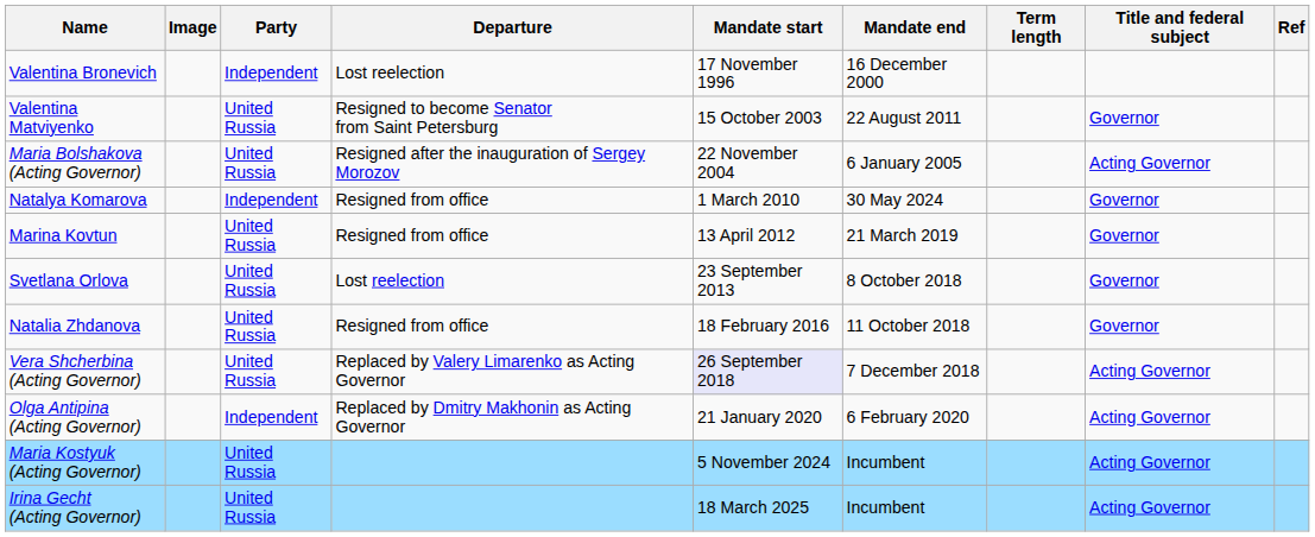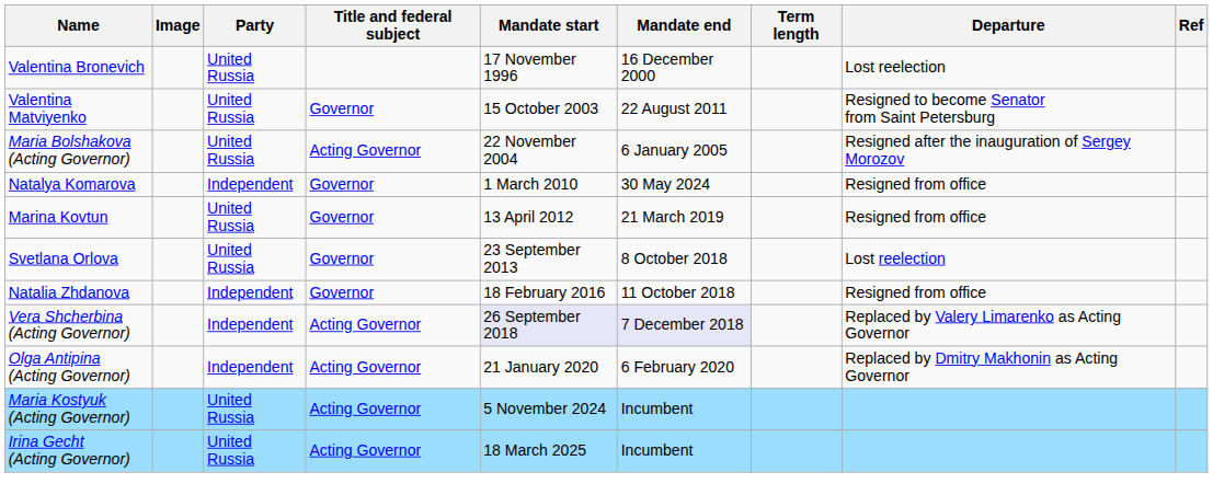 <table class="wikitable sortable">
 <tr>
 <th>Name</th>
 <th>Image</th>
 <th>Party</th>
-<th>Departure</th>
+<th>Title and federal subject</th>
 <th>Mandate start</th>
 <th>Mandate end</th>
 <th>Term length</th>
-<th>Title and federal subject</th>
+<th>Departure</th>
 <th>Ref</th>
 </tr>
 <tr>
 <td><a href='#'>Valentina Bronevich</a></td>
 <td></td>
-<td><a href='#'>Independent</a></td>
-<td>Lost reelection</td>
+<td><a href='#'>United Russia</a></td>
+<td><br></td>
 <td>17 November 1996</td>
 <td>16 December 2000</td>
 <td></td>
-<td><br></td>
+<td>Lost reelection</td>
 <td></td>
 </tr>
 <tr>
 <td><a href='#'>Valentina Matviyenko</a></td>
 <td></td>
 <td><a href='#'>United Russia</a></td>
-<td>Resigned to become <a href='#'>Senator</a><br>from Saint Petersburg</td>
+<td><a href='#'>Governor</a><br></td>
 <td>15 October 2003</td>
 <td>22 August 2011</td>
 <td></td>
-<td><a href='#'>Governor</a><br></td>
+<td>Resigned to become <a href='#'>Senator</a><br>from Saint Petersburg</td>
 <td></td>
 </tr>
 <tr>
 <td><em><a href='#'>Maria Bolshakova</a><br>(Acting Governor)</em></td>
 <td></td>
 <td><a href='#'>United Russia</a></td>
-<td>Resigned after the inauguration of <a href='#'>Sergey Morozov</a></td>
+<td><a href='#'>Acting Governor</a><br></td>
 <td>22 November 2004</td>
 <td>6 January 2005</td>
 <td></td>
-<td><a href='#'>Acting Governor</a><br></td>
+<td>Resigned after the inauguration of <a href='#'>Sergey Morozov</a></td>
 <td></td>
 </tr>
 <tr>
 <td><a href='#'>Natalya Komarova</a></td>
 <td></td>
 <td><a href='#'>Independent</a></td>
-<td>Resigned from office</td>
+<td><a href='#'>Governor</a><br></td>
 <td>1 March 2010</td>
 <td>30 May 2024</td>
 <td></td>
-<td><a href='#'>Governor</a><br></td>
+<td>Resigned from office</td>
 <td></td>
 </tr>
 <tr>
 <td><a href='#'>Marina Kovtun</a></td>
 <td></td>
 <td><a href='#'>United Russia</a></td>
-<td>Resigned from office</td>
+<td><a href='#'>Governor</a><br></td>
 <td>13 April 2012</td>
 <td>21 March 2019</td>
 <td></td>
-<td><a href='#'>Governor</a><br></td>
+<td>Resigned from office</td>
 <td></td>
 </tr>
 <tr>
 <td><a href='#'>Svetlana Orlova</a></td>
 <td></td>
 <td><a href='#'>United Russia</a></td>
-<td>Lost <a href='#'>reelection</a></td>
+<td><a href='#'>Governor</a><br></td>
 <td>23 September 2013</td>
 <td>8 October 2018</td>
 <td></td>
-<td><a href='#'>Governor</a><br></td>
+<td>Lost <a href='#'>reelection</a></td>
 <td></td>
 </tr>
 <tr>
 <td><a href='#'>Natalia Zhdanova</a></td>
 <td></td>
-<td><a href='#'>United Russia</a></td>
-<td>Resigned from office</td>
+<td><a href='#'>Independent</a></td>
+<td><a href='#'>Governor</a><br></td>
 <td>18 February 2016</td>
 <td>11 October 2018</td>
 <td></td>
-<td><a href='#'>Governor</a><br></td>
+<td>Resigned from office</td>
 <td></td>
 </tr>
 <tr>
 <td><em><a href='#'>Vera Shcherbina</a><br>(Acting Governor)</em></td>
 <td></td>
-<td><a href='#'>United Russia</a></td>
+<td><a href='#'>Independent</a></td>
+<td><a href='#'>Acting Governor</a><br></td>
+<td style="background: lavender;">26 September 2018</td>
+<td style="background: lavender;">7 December 2018</td>
+<td></td>
 <td>Replaced by <a href='#'>Valery Limarenko</a> as Acting Governor</td>
-<td style="background: lavender;">26 September 2018</td>
-<td>7 December 2018</td>
-<td></td>
-<td><a href='#'>Acting Governor</a><br></td>
 <td></td>
 </tr>
 <tr>
 <td><em><a href='#'>Olga Antipina</a><br>(Acting Governor)</em></td>
 <td></td>
 <td><a href='#'>Independent</a></td>
-<td>Replaced by <a href='#'>Dmitry Makhonin</a> as Acting Governor</td>
+<td><a href='#'>Acting Governor</a><br></td>
 <td>21 January 2020</td>
 <td>6 February 2020</td>
 <td></td>
-<td><a href='#'>Acting Governor</a><br></td>
+<td>Replaced by <a href='#'>Dmitry Makhonin</a> as Acting Governor</td>
 <td></td>
 </tr>
 <tr>
 <td style="background:#9BDDFF"><em><a href='#'>Maria Kostyuk</a><br>(Acting Governor)</em></td>
 <td style="background:#9BDDFF"></td>
 <td style="background:#9BDDFF"><a href='#'>United Russia</a></td>
-<td style="background:#9BDDFF"></td>
+<td style="background:#9BDDFF"><a href='#'>Acting Governor</a><br></td>
 <td style="background:#9BDDFF">5 November 2024</td>
 <td style="background:#9BDDFF">Incumbent</td>
 <td style="background:#9BDDFF"></td>
-<td style="background:#9BDDFF"><a href='#'>Acting Governor</a><br></td>
+<td style="background:#9BDDFF"></td>
 <td style="background:#9BDDFF"></td>
 </tr>
 <tr>
 <td style="background:#9BDDFF"><em><a href='#'>Irina Gecht</a><br>(Acting Governor)</em></td>
 <td style="background:#9BDDFF"></td>
 <td style="background:#9BDDFF"><a href='#'>United Russia</a></td>
-<td style="background:#9BDDFF"></td>
+<td style="background:#9BDDFF"><a href='#'>Acting Governor</a><br></td>
 <td style="background:#9BDDFF">18 March 2025</td>
 <td style="background:#9BDDFF">Incumbent</td>
 <td style="background:#9BDDFF"></td>
-<td style="background:#9BDDFF"><a href='#'>Acting Governor</a><br></td>
+<td style="background:#9BDDFF"></td>
 <td style="background:#9BDDFF"></td>
 </tr>
 </table>
